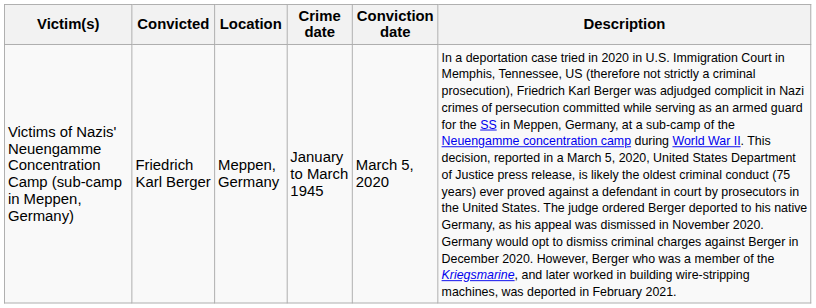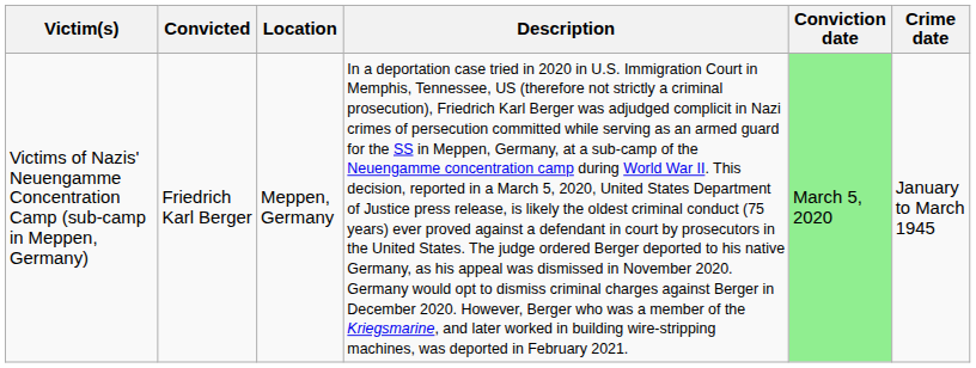 <table class="wikitable sortable">
 <tr>
 <th scope="col">Victim(s)</th>
 <th scope="col">Convicted</th>
 <th scope="col">Location</th>
+<th scope="col">Description</th>
+<th scope="col">Conviction date</th>
 <th scope="col">Crime date</th>
-<th scope="col">Conviction date</th>
-<th scope="col">Description</th>
 </tr>
 <tr>
 <td>Victims of Nazis' Neuengamme Concentration Camp (sub-camp in Meppen, Germany)</td>
 <td>Friedrich Karl Berger</td>
 <td>Meppen, Germany</td>
+<td><small>In a deportation case tried in 2020 in U.S. Immigration Court in Memphis, Tennessee, US (therefore not strictly a criminal prosecution), Friedrich Karl Berger was adjudged complicit in Nazi crimes of persecution committed while serving as an armed guard for the <a href='#'>SS</a> in Meppen, Germany, at a sub-camp of the <a href='#'>Neuengamme concentration camp</a> during <a href='#'>World War II</a>. This decision, reported in a March 5, 2020, United States Department of Justice press release, is likely the oldest criminal conduct (75 years) ever proved against a defendant in court by prosecutors in the United States. The judge ordered Berger deported to his native Germany, as his appeal was dismissed in November 2020. Germany would opt to dismiss criminal charges against Berger in December 2020. However, Berger who was a member of the <em><a href='#'>Kriegsmarine</a></em>, and later worked in building wire-stripping machines, was deported in February 2021.</small></td>
+<td style="background: lightgreen;">March 5, 2020</td>
 <td>January to March 1945</td>
-<td>March 5, 2020</td>
-<td><small>In a deportation case tried in 2020 in U.S. Immigration Court in Memphis, Tennessee, US (therefore not strictly a criminal prosecution), Friedrich Karl Berger was adjudged complicit in Nazi crimes of persecution committed while serving as an armed guard for the <a href='#'>SS</a> in Meppen, Germany, at a sub-camp of the <a href='#'>Neuengamme concentration camp</a> during <a href='#'>World War II</a>. This decision, reported in a March 5, 2020, United States Department of Justice press release, is likely the oldest criminal conduct (75 years) ever proved against a defendant in court by prosecutors in the United States. The judge ordered Berger deported to his native Germany, as his appeal was dismissed in November 2020. Germany would opt to dismiss criminal charges against Berger in December 2020. However, Berger who was a member of the <em><a href='#'>Kriegsmarine</a></em>, and later worked in building wire-stripping machines, was deported in February 2021.</small></td>
 </tr>
 </table>
